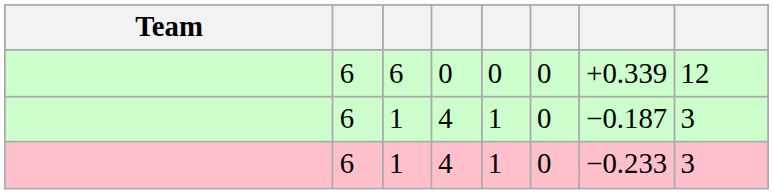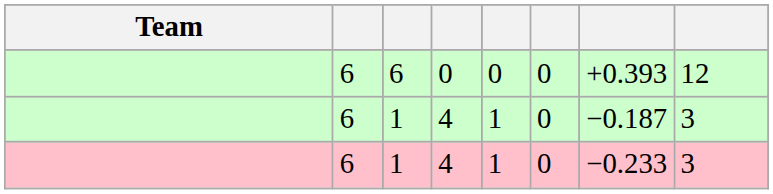 <table class="wikitable">
 <tr>
 <th style="width:175px;">Team</th>
 <th style="width:20px;"></th>
 <th style="width:20px;"></th>
 <th style="width:20px;"></th>
 <th style="width:20px;"></th>
 <th style="width:20px;"></th>
 <th style="width:20px;"></th>
 <th style="width:45px;"></th>
 </tr>
 <tr style="background:#cfc;">
 <td align=left></td>
 <td>6</td>
 <td>6</td>
 <td>0</td>
 <td>0</td>
 <td>0</td>
-<td>+0.339</td>
+<td>+0.393</td>
 <td>12</td>
 </tr>
 <tr bgcolor=ccffcc>
 <td align=left></td>
 <td>6</td>
 <td>1</td>
 <td>4</td>
 <td>1</td>
 <td>0</td>
 <td>−0.187</td>
 <td>3</td>
 </tr>
 <tr bgcolor=pink>
 <td align=left></td>
 <td>6</td>
 <td>1</td>
 <td>4</td>
 <td>1</td>
 <td>0</td>
 <td>−0.233</td>
 <td>3</td>
 </tr>
 </table>
